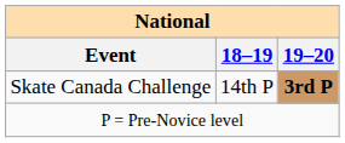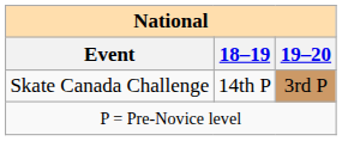 <table class="wikitable" style="text-align:center">
 <tr>
 <th style="background-color: #ffdead; " colspan=3 align=center>National</th>
 </tr>
 <tr>
 <th>Event</th>
 <th><a href='#'>18–19</a></th>
 <th><a href='#'>19–20</a></th>
 </tr>
 <tr>
 <td align=left>Skate Canada Challenge</td>
 <td>14th P</td>
-<td bgcolor=cc9966><strong>3rd P</strong></td>
+<td bgcolor=cc9966>3rd P</td>
 </tr>
 <tr>
 <td colspan=3 align=center><small> P = Pre-Novice level </small></td>
 </tr>
 </table>
